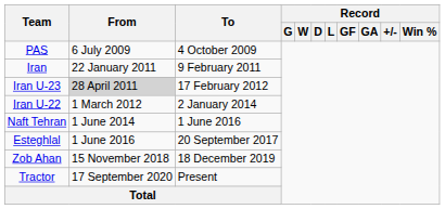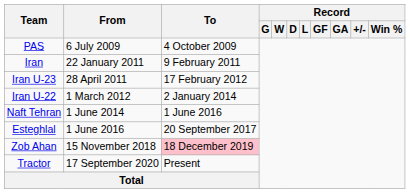 <table class="wikitable" style="text-align: center">
 <tr>
 <th rowspan=2>Team</th>
 <th rowspan=2>From</th>
 <th rowspan=2>To</th>
 <th colspan=8>Record</th>
 </tr>
 <tr>
 <th>G</th>
 <th>W</th>
 <th>D</th>
 <th>L</th>
 <th>GF</th>
 <th>GA</th>
 <th>+/-</th>
 <th>Win %</th>
 </tr>
 <tr>
 <td><a href='#'>PAS</a></td>
 <td align="left">6 July 2009</td>
 <td align="left">4 October 2009<br></td>
 </tr>
 <tr>
 <td><a href='#'>Iran</a></td>
 <td align="left">22 January 2011</td>
 <td align="left">9 February 2011<br></td>
 </tr>
 <tr>
 <td><a href='#'>Iran U-23</a></td>
-<td align="left" style="background: lightgrey;">28 April 2011</td>
+<td align="left">28 April 2011</td>
 <td align="left">17 February 2012<br></td>
 </tr>
 <tr>
 <td><a href='#'>Iran U-22</a></td>
 <td align="left">1 March 2012</td>
 <td align="left">2 January 2014<br></td>
 </tr>
 <tr>
 <td><a href='#'>Naft Tehran</a></td>
 <td align="left">1 June 2014</td>
 <td align="left">1 June 2016<br></td>
 </tr>
 <tr>
 <td><a href='#'>Esteghlal</a></td>
 <td align="left">1 June 2016</td>
 <td align="left">20 September 2017<br></td>
 </tr>
 <tr>
 <td><a href='#'>Zob Ahan</a></td>
 <td align="left">15 November 2018</td>
-<td align="left">18 December 2019<br></td>
+<td align="left" style="background: pink;">18 December 2019<br></td>
 </tr>
 <tr>
 <td><a href='#'>Tractor</a></td>
 <td align="left">17 September 2020</td>
 <td align="left">Present<br></td>
 </tr>
 <tr>
 <th colspan=3>Total<br></th>
 </tr>
 </table>
